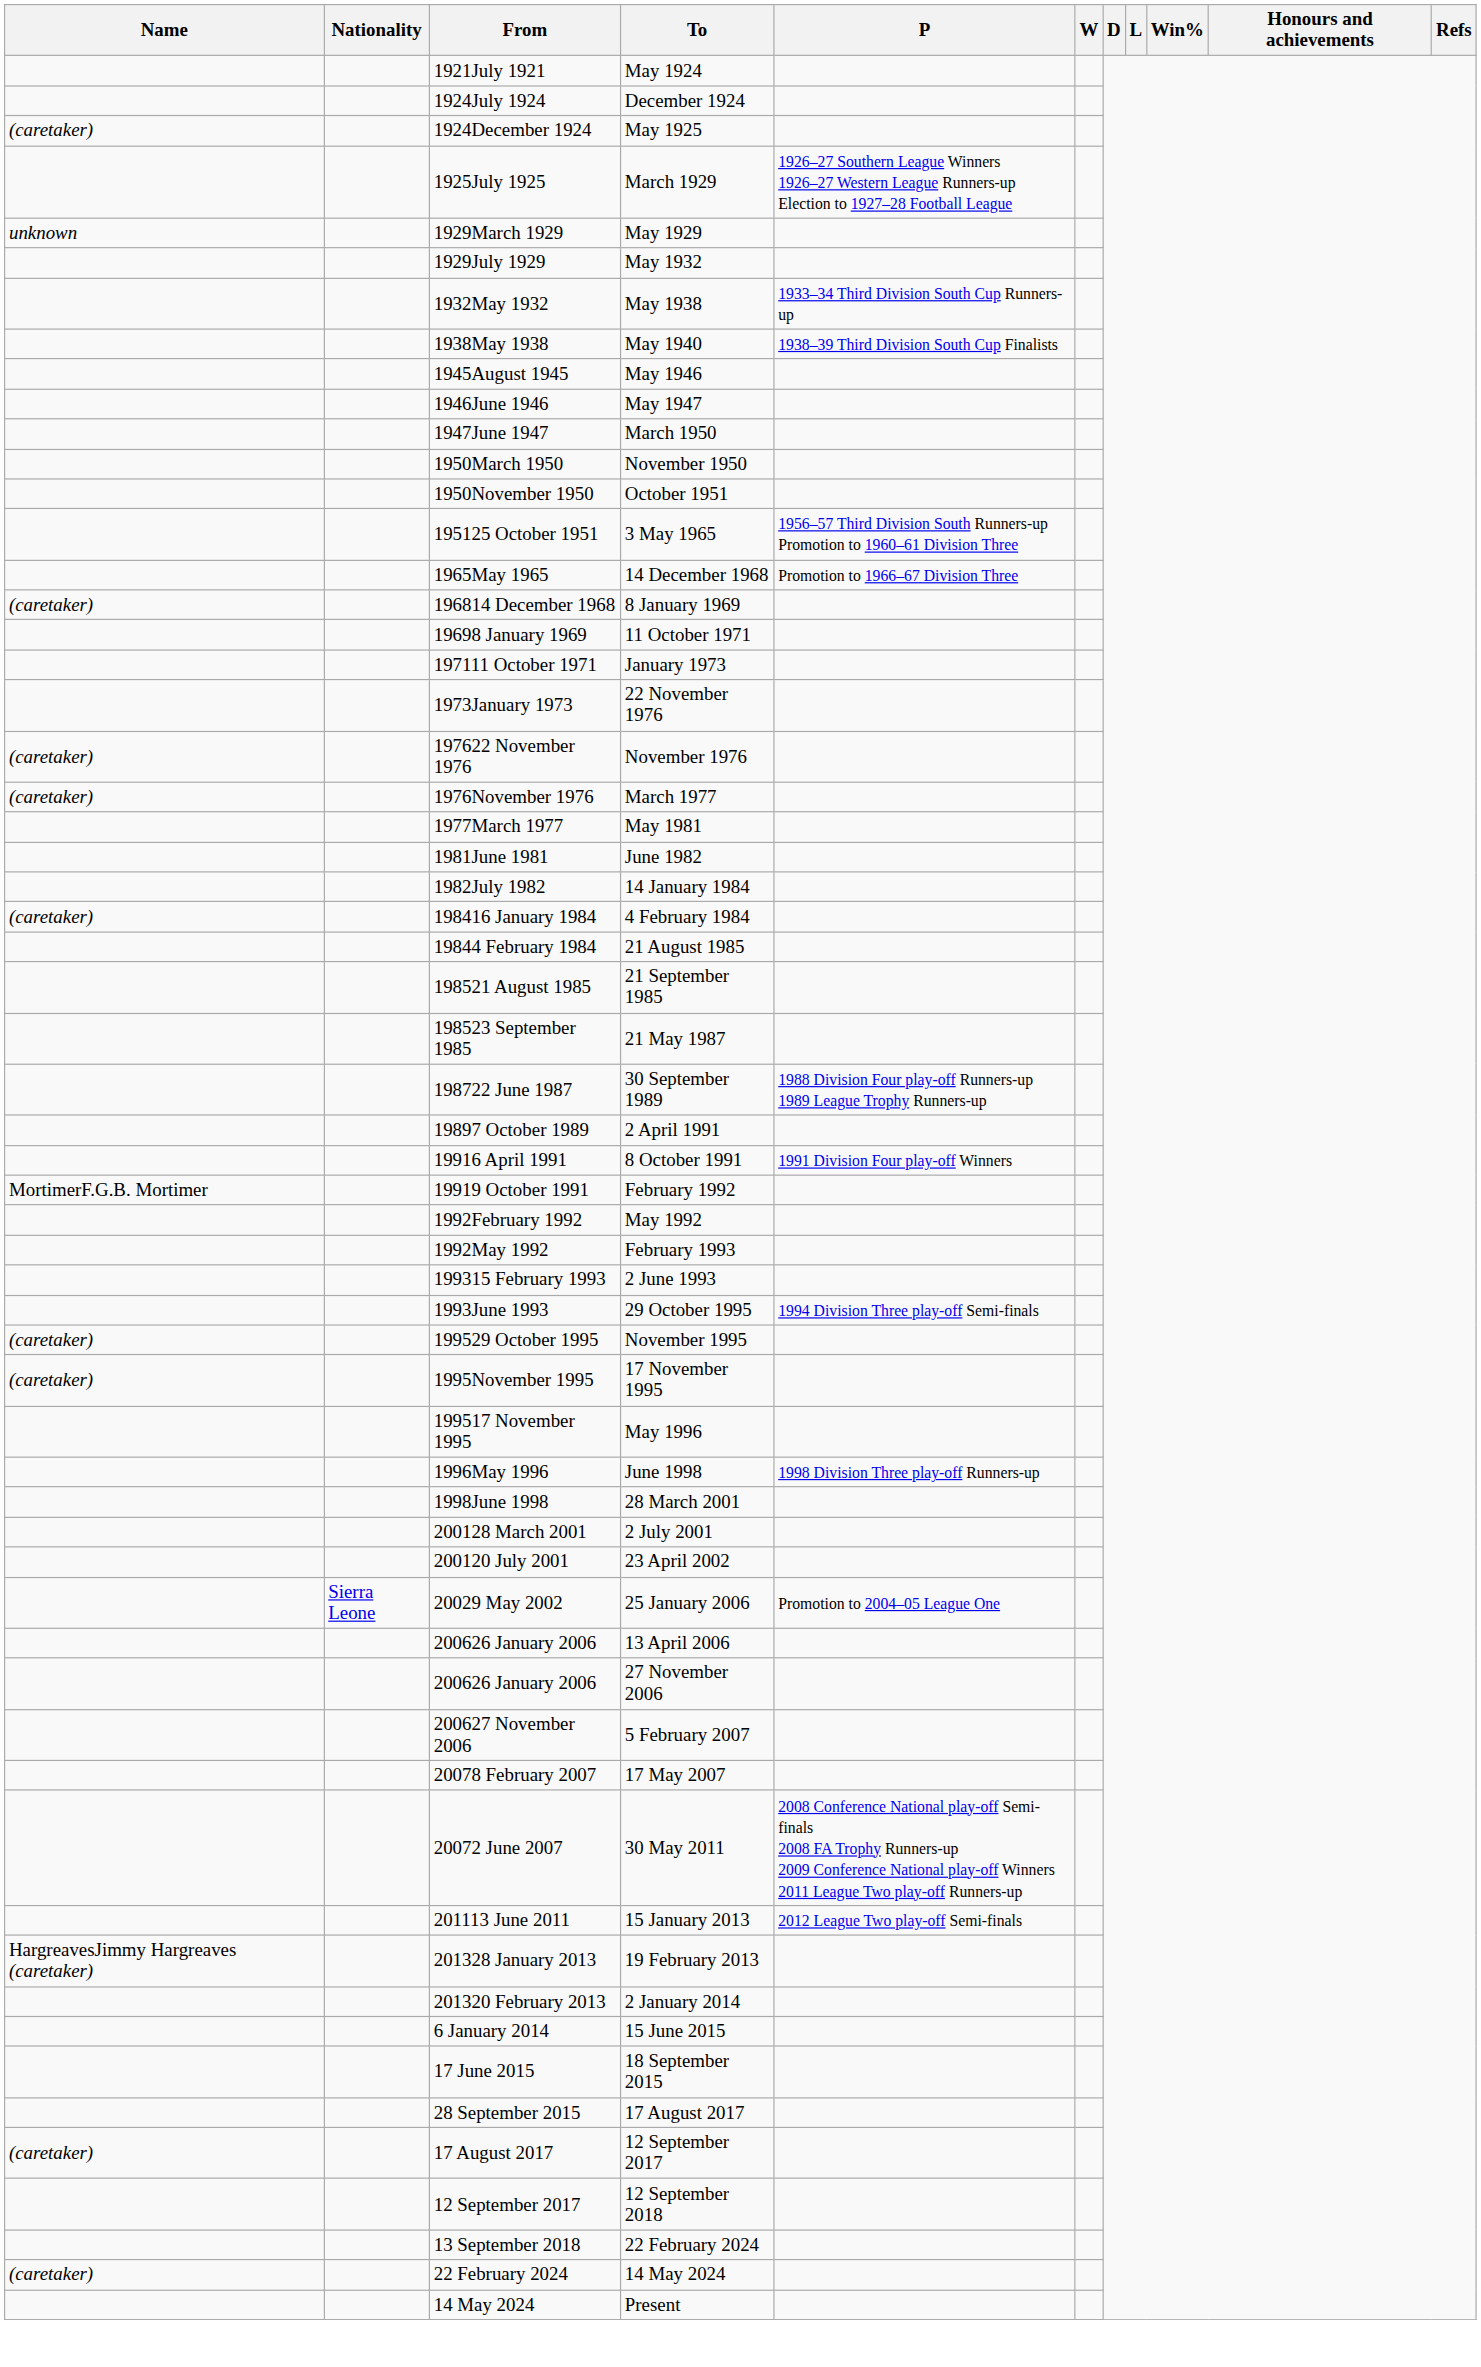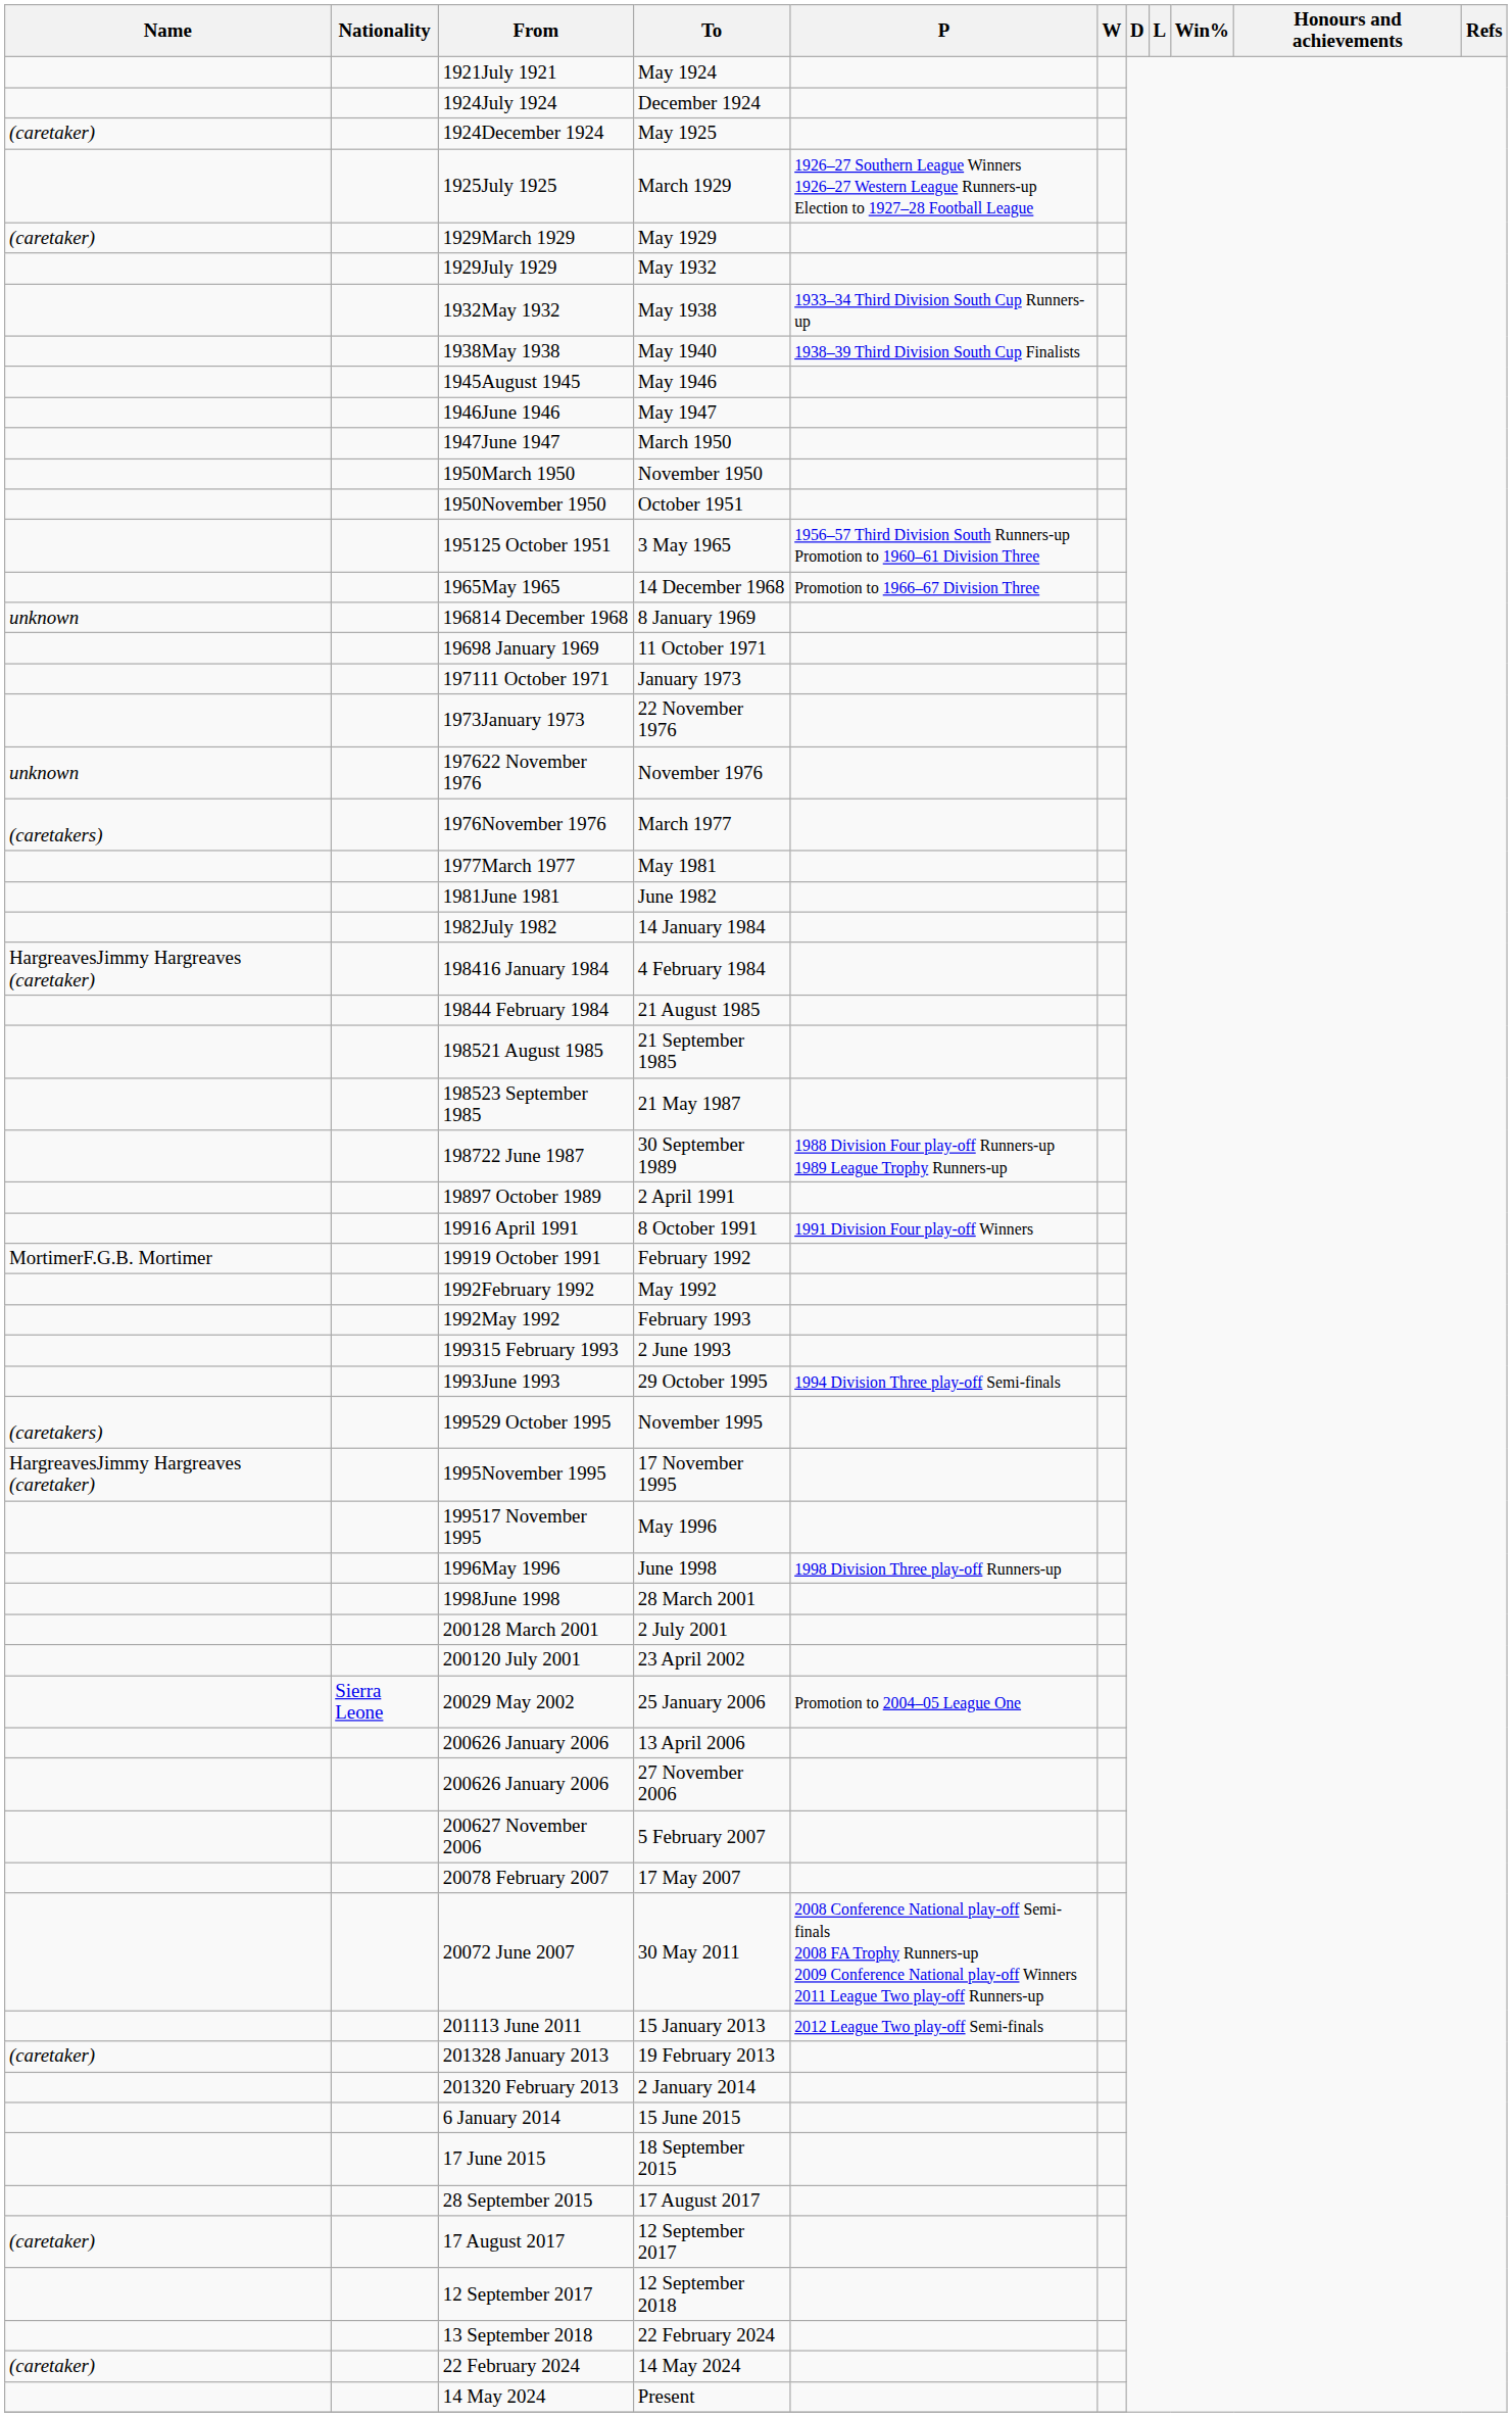 <table class="wikitable sortable defaultcenter col1left col2left col3left col4left col10left">
 <tr>
 <th>Name</th>
 <th>Nationality</th>
 <th>From</th>
 <th class="unsortable">To</th>
 <th>P</th>
 <th>W</th>
 <th>D</th>
 <th>L</th>
 <th>Win%</th>
 <th class="unsortable">Honours and achievements</th>
 <th class="unsortable">Refs</th>
 </tr>
 <tr>
 <td></td>
 <td></td>
 <td><span>1921</span>July 1921</td>
 <td>May 1924<br></td>
 <td></td>
 <td></td>
 </tr>
 <tr>
 <td></td>
 <td></td>
 <td><span>1924</span>July 1924</td>
 <td>December 1924<br></td>
 <td></td>
 <td></td>
 </tr>
 <tr>
 <td> <em>(caretaker)</em></td>
 <td></td>
 <td><span>1924</span>December 1924</td>
 <td>May 1925<br></td>
 <td></td>
 <td></td>
 </tr>
 <tr>
 <td></td>
 <td></td>
 <td><span>1925</span>July 1925</td>
 <td>March 1929<br></td>
 <td><small><a href='#'>1926–27 Southern League</a> Winners<br><a href='#'>1926–27 Western League</a> Runners-up<br>Election to <a href='#'>1927–28 Football League</a></small></td>
 <td></td>
 </tr>
 <tr>
-<td><em>unknown</em> </td>
+<td> <em>(caretaker)</em></td>
 <td></td>
 <td><span>1929</span>March 1929</td>
 <td>May 1929<br></td>
 <td></td>
 <td></td>
 </tr>
 <tr>
 <td></td>
 <td></td>
 <td><span>1929</span>July 1929</td>
 <td>May 1932<br></td>
 <td></td>
 <td></td>
 </tr>
 <tr>
 <td></td>
 <td></td>
 <td><span>1932</span>May 1932</td>
 <td>May 1938<br></td>
 <td><small><a href='#'>1933–34 Third Division South Cup</a> Runners-up</small></td>
 <td></td>
 </tr>
 <tr>
 <td> </td>
 <td></td>
 <td><span>1938</span>May 1938</td>
 <td>May 1940<br></td>
 <td><small><a href='#'>1938–39 Third Division South Cup</a> Finalists </small></td>
 <td></td>
 </tr>
 <tr>
 <td> </td>
 <td></td>
 <td><span>1945</span>August 1945</td>
 <td>May 1946<br></td>
 <td></td>
 <td></td>
 </tr>
 <tr>
 <td></td>
 <td></td>
 <td><span>1946</span>June 1946</td>
 <td>May 1947<br></td>
 <td></td>
 <td></td>
 </tr>
 <tr>
 <td></td>
 <td></td>
 <td><span>1947</span>June 1947</td>
 <td>March 1950<br></td>
 <td></td>
 <td></td>
 </tr>
 <tr>
 <td></td>
 <td></td>
 <td><span>1950</span>March 1950</td>
 <td>November 1950<br></td>
 <td></td>
 <td></td>
 </tr>
 <tr>
 <td></td>
 <td></td>
 <td><span>1950</span>November 1950</td>
 <td>October 1951<br></td>
 <td></td>
 <td></td>
 </tr>
 <tr>
 <td></td>
 <td></td>
 <td><span>1951</span>25 October 1951</td>
 <td>3 May 1965<br></td>
 <td><small><a href='#'>1956–57 Third Division South</a> Runners-up<br>Promotion to <a href='#'>1960–61 Division Three</a></small></td>
 <td></td>
 </tr>
 <tr>
 <td></td>
 <td></td>
 <td><span>1965</span>May 1965</td>
 <td>14 December 1968<br></td>
 <td><small>Promotion to <a href='#'>1966–67 Division Three</a></small></td>
 <td></td>
 </tr>
 <tr>
-<td> <em>(caretaker)</em></td>
+<td><em>unknown</em> </td>
 <td></td>
 <td><span>1968</span>14 December 1968</td>
 <td>8 January 1969<br></td>
 <td></td>
 <td></td>
 </tr>
 <tr>
 <td></td>
 <td></td>
 <td><span>1969</span>8 January 1969</td>
 <td>11 October 1971<br></td>
 <td></td>
 <td></td>
 </tr>
 <tr>
 <td></td>
 <td></td>
 <td><span>1971</span>11 October 1971</td>
 <td>January 1973<br></td>
 <td></td>
 <td></td>
 </tr>
 <tr>
 <td></td>
 <td></td>
 <td><span>1973</span>January 1973</td>
 <td>22 November 1976<br></td>
 <td></td>
 <td></td>
 </tr>
 <tr>
-<td> <em>(caretaker)</em></td>
+<td><em>unknown</em> </td>
 <td></td>
 <td><span>1976</span>22 November 1976</td>
 <td>November 1976<br></td>
 <td></td>
 <td></td>
 </tr>
 <tr>
-<td> <em>(caretaker)</em></td>
+<td><br> <em>(caretakers)</em></td>
 <td></td>
 <td><span>1976</span>November 1976</td>
 <td>March 1977<br></td>
 <td></td>
 <td></td>
 </tr>
 <tr>
 <td></td>
 <td></td>
 <td><span>1977</span>March 1977</td>
 <td>May 1981<br></td>
 <td></td>
 <td></td>
 </tr>
 <tr>
 <td></td>
 <td></td>
 <td><span>1981</span>June 1981</td>
 <td>June 1982<br></td>
 <td></td>
 <td></td>
 </tr>
 <tr>
 <td></td>
 <td></td>
 <td><span>1982</span>July 1982</td>
 <td>14 January 1984<br></td>
 <td></td>
 <td></td>
 </tr>
 <tr>
-<td> <em>(caretaker)</em></td>
+<td><span>Hargreaves</span>Jimmy Hargreaves <em>(caretaker)</em></td>
 <td></td>
 <td><span>1984</span>16 January 1984</td>
 <td>4 February 1984<br></td>
 <td></td>
 <td></td>
 </tr>
 <tr>
 <td></td>
 <td></td>
 <td><span>1984</span>4 February 1984</td>
 <td>21 August 1985<br></td>
 <td></td>
 <td></td>
 </tr>
 <tr>
 <td></td>
 <td></td>
 <td><span>1985</span>21 August 1985</td>
 <td>21 September 1985<br></td>
 <td></td>
 <td></td>
 </tr>
 <tr>
 <td></td>
 <td></td>
 <td><span>1985</span>23 September 1985</td>
 <td>21 May 1987<br></td>
 <td></td>
 <td></td>
 </tr>
 <tr>
 <td></td>
 <td></td>
 <td><span>1987</span>22 June 1987</td>
 <td>30 September 1989<br></td>
 <td><small><a href='#'>1988 Division Four play-off</a> Runners-up<br><a href='#'>1989 League Trophy</a> Runners-up</small></td>
 <td></td>
 </tr>
 <tr>
 <td></td>
 <td></td>
 <td><span>1989</span>7 October 1989</td>
 <td>2 April 1991<br></td>
 <td></td>
 <td></td>
 </tr>
 <tr>
 <td></td>
 <td></td>
 <td><span>1991</span>6 April 1991</td>
 <td>8 October 1991<br></td>
 <td><small><a href='#'>1991 Division Four play-off</a> Winners</small></td>
 <td></td>
 </tr>
 <tr>
 <td><span>Mortimer</span>F.G.B. Mortimer</td>
 <td></td>
 <td><span>1991</span>9 October 1991</td>
 <td>February 1992<br></td>
 <td></td>
 <td></td>
 </tr>
 <tr>
 <td></td>
 <td></td>
 <td><span>1992</span>February 1992</td>
 <td>May 1992<br></td>
 <td></td>
 <td></td>
 </tr>
 <tr>
 <td></td>
 <td></td>
 <td><span>1992</span>May 1992</td>
 <td>February 1993<br></td>
 <td></td>
 <td></td>
 </tr>
 <tr>
 <td></td>
 <td></td>
 <td><span>1993</span>15 February 1993</td>
 <td>2 June 1993<br></td>
 <td></td>
 <td></td>
 </tr>
 <tr>
 <td></td>
 <td></td>
 <td><span>1993</span>June 1993</td>
 <td>29 October 1995<br></td>
 <td><small><a href='#'>1994 Division Three play-off</a> Semi-finals</small></td>
 <td></td>
 </tr>
 <tr>
-<td> <em>(caretaker)</em></td>
+<td><br> <em>(caretakers)</em></td>
 <td> <br></td>
 <td><span>1995</span>29 October 1995</td>
 <td>November 1995<br></td>
 <td></td>
 <td></td>
 </tr>
 <tr>
-<td> <em>(caretaker)</em></td>
+<td><span>Hargreaves</span>Jimmy Hargreaves <em>(caretaker)</em></td>
 <td></td>
 <td><span>1995</span>November 1995</td>
 <td>17 November 1995<br></td>
 <td></td>
 <td></td>
 </tr>
 <tr>
 <td></td>
 <td></td>
 <td><span>1995</span>17 November 1995</td>
 <td>May 1996<br></td>
 <td></td>
 <td></td>
 </tr>
 <tr>
 <td></td>
 <td></td>
 <td><span>1996</span>May 1996</td>
 <td>June 1998<br></td>
 <td><small><a href='#'>1998 Division Three play-off</a> Runners-up</small></td>
 <td></td>
 </tr>
 <tr>
 <td></td>
 <td></td>
 <td><span>1998</span>June 1998</td>
 <td>28 March 2001<br></td>
 <td></td>
 <td></td>
 </tr>
 <tr>
 <td></td>
 <td></td>
 <td><span>2001</span>28 March 2001</td>
 <td>2 July 2001<br></td>
 <td></td>
 <td></td>
 </tr>
 <tr>
 <td></td>
 <td></td>
 <td><span>2001</span>20 July 2001</td>
 <td>23 April 2002<br></td>
 <td></td>
 <td></td>
 </tr>
 <tr>
 <td></td>
 <td> <a href='#'>Sierra Leone</a></td>
 <td><span>2002</span>9 May 2002</td>
 <td>25 January 2006<br></td>
 <td><small>Promotion to <a href='#'>2004–05 League One</a></small></td>
 <td></td>
 </tr>
 <tr>
 <td></td>
 <td></td>
 <td><span>2006</span>26 January 2006</td>
 <td>13 April 2006<br></td>
 <td></td>
 <td></td>
 </tr>
 <tr>
 <td></td>
 <td></td>
 <td><span>2006</span>26 January 2006</td>
 <td>27 November 2006<br></td>
 <td></td>
 <td></td>
 </tr>
 <tr>
 <td></td>
 <td></td>
 <td><span>2006</span>27 November 2006</td>
 <td>5 February 2007<br></td>
 <td></td>
 <td></td>
 </tr>
 <tr>
 <td></td>
 <td></td>
 <td><span>2007</span>8 February 2007</td>
 <td>17 May 2007<br></td>
 <td></td>
 <td></td>
 </tr>
 <tr>
 <td></td>
 <td></td>
 <td><span>2007</span>2 June 2007</td>
 <td>30 May 2011<br></td>
 <td><small><a href='#'>2008 Conference National play-off</a> Semi-finals<br><a href='#'>2008 FA Trophy</a> Runners-up<br><a href='#'>2009 Conference National play-off</a> Winners<br><a href='#'>2011 League Two play-off</a> Runners-up</small></td>
 <td></td>
 </tr>
 <tr>
 <td></td>
 <td></td>
 <td><span>2011</span>13 June 2011</td>
 <td>15 January 2013<br></td>
 <td><small><a href='#'>2012 League Two play-off</a> Semi-finals</small></td>
 <td></td>
 </tr>
 <tr>
-<td><span>Hargreaves</span>Jimmy Hargreaves <em>(caretaker)</em></td>
+<td> <em>(caretaker)</em></td>
 <td></td>
 <td><span>2013</span>28 January 2013</td>
 <td>19 February 2013<br></td>
 <td></td>
 <td></td>
 </tr>
 <tr>
 <td></td>
 <td></td>
 <td><span>2013</span>20 February 2013</td>
 <td>2 January 2014<br></td>
 <td></td>
 <td></td>
 </tr>
 <tr>
 <td></td>
 <td></td>
 <td>6 January 2014</td>
 <td>15 June 2015<br></td>
 <td></td>
 <td></td>
 </tr>
 <tr>
 <td></td>
 <td></td>
 <td>17 June 2015</td>
 <td>18 September 2015<br></td>
 <td></td>
 <td></td>
 </tr>
 <tr>
 <td></td>
 <td></td>
 <td>28 September 2015</td>
 <td>17 August 2017<br></td>
 <td></td>
 <td></td>
 </tr>
 <tr>
 <td> <em>(caretaker)</em></td>
 <td></td>
 <td>17 August 2017</td>
 <td>12 September 2017<br></td>
 <td></td>
 <td></td>
 </tr>
 <tr>
 <td></td>
 <td></td>
 <td>12 September 2017</td>
 <td>12 September 2018<br></td>
 <td></td>
 <td></td>
 </tr>
 <tr>
 <td></td>
 <td></td>
 <td>13 September 2018</td>
 <td>22 February 2024<br></td>
 <td></td>
 <td></td>
 </tr>
 <tr>
 <td> <em>(caretaker)</em></td>
 <td></td>
 <td>22 February 2024</td>
 <td>14 May 2024<br></td>
 <td></td>
 <td></td>
 </tr>
 <tr>
 <td></td>
 <td></td>
 <td>14 May 2024</td>
 <td>Present<br> </td>
 <td></td>
 <td></td>
 </tr>
 <tr>
 </tr>
 </table>
